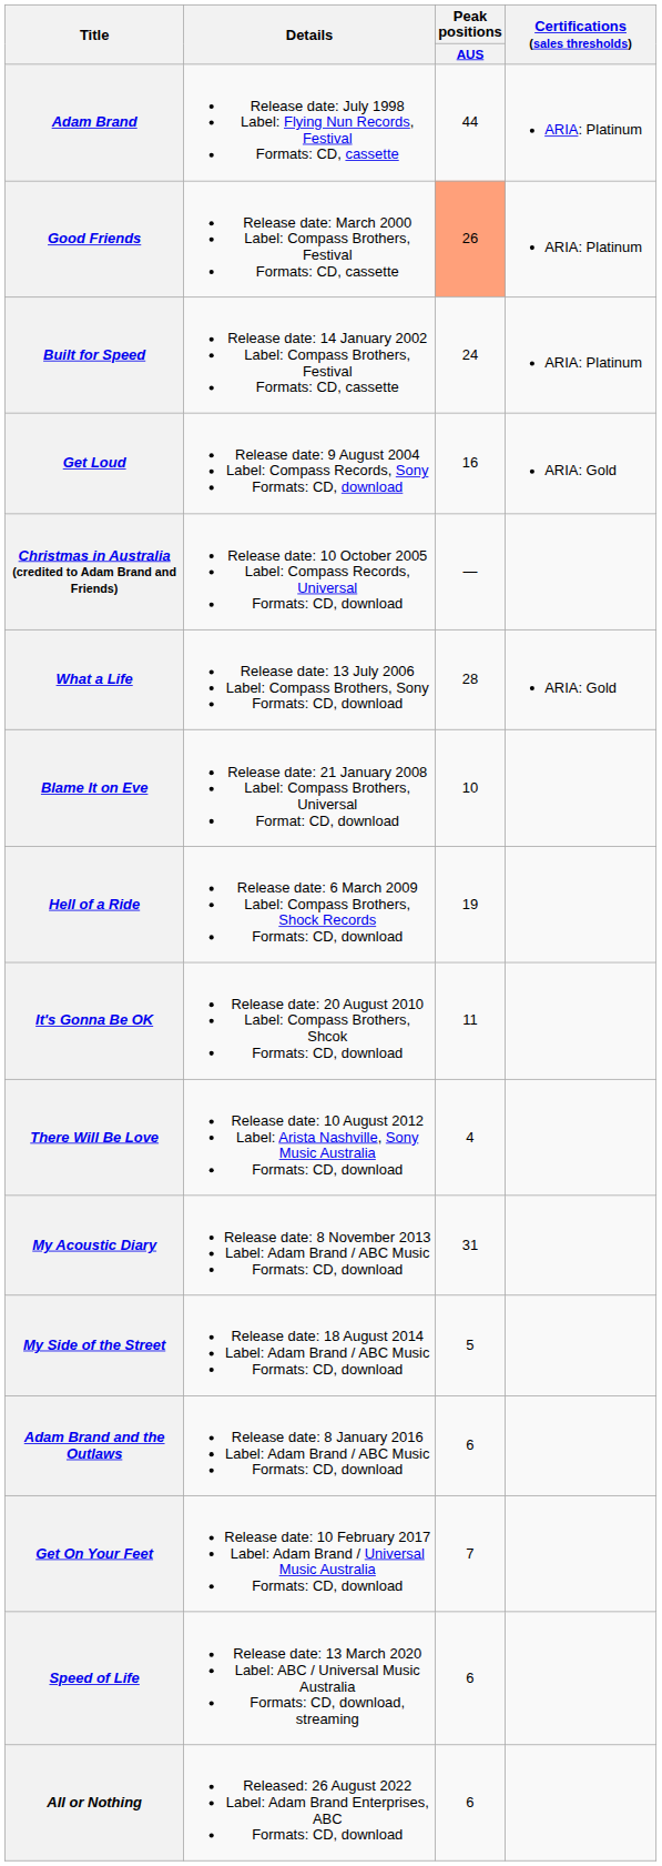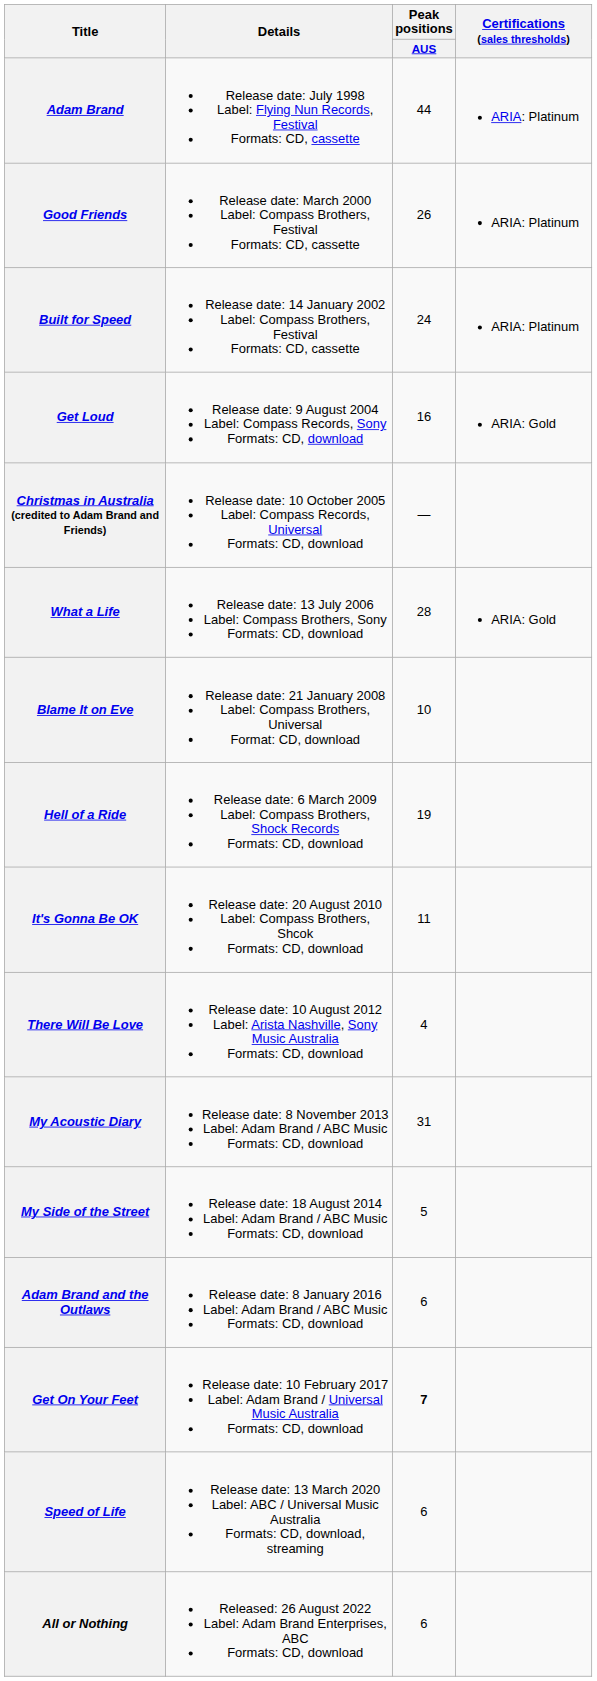 <table class="wikitable plainrowheaders" style="text-align:center;">
 <tr>
 <th rowspan="2" style="width:12em;">Title</th>
 <th rowspan="2" style="width:17em;">Details</th>
 <th colspan="1">Peak positions</th>
 <th rowspan="2" style="width:10em;"><a href='#'>Certifications</a><br><small>(<a href='#'>sales thresholds</a>)</small></th>
 </tr>
 <tr>
 <th scope="col" style="width:3em; font-size:90%"><a href='#'>AUS</a><br></th>
 </tr>
 <tr>
 <th scope="row"><em><a href='#'>Adam Brand</a></em></th>
 <td><br><ul><li>Release date: July 1998</li><li>Label: <a href='#'>Flying Nun Records</a>, <a href='#'>Festival</a></li><li>Formats: CD, <a href='#'>cassette</a></li></ul></td>
 <td>44</td>
 <td align="left"><br><ul><li><a href='#'>ARIA</a>: Platinum</li></ul></td>
 </tr>
 <tr>
 <th scope="row"><em><a href='#'>Good Friends</a></em></th>
 <td><br><ul><li>Release date: March 2000</li><li>Label: Compass Brothers, Festival</li><li>Formats: CD, cassette</li></ul></td>
-<td style="background: lightsalmon;">26</td>
+<td>26</td>
 <td align="left"><br><ul><li>ARIA: Platinum</li></ul></td>
 </tr>
 <tr>
 <th scope="row"><em><a href='#'>Built for Speed</a></em></th>
 <td><br><ul><li>Release date: 14 January 2002</li><li>Label: Compass Brothers, Festival</li><li>Formats: CD, cassette</li></ul></td>
 <td>24</td>
 <td align="left"><br><ul><li>ARIA: Platinum</li></ul></td>
 </tr>
 <tr>
 <th scope="row"><em><a href='#'>Get Loud</a></em></th>
 <td><br><ul><li>Release date: 9 August 2004</li><li>Label: Compass Records, <a href='#'>Sony</a></li><li>Formats: CD, <a href='#'>download</a></li></ul></td>
 <td>16</td>
 <td align="left"><br><ul><li>ARIA: Gold</li></ul></td>
 </tr>
 <tr>
 <th scope="row"><em><a href='#'>Christmas in Australia</a></em> <br> <small> (credited to Adam Brand and Friends) </small></th>
 <td><br><ul><li>Release date: 10 October 2005</li><li>Label: Compass Records, <a href='#'>Universal</a></li><li>Formats: CD, download</li></ul></td>
 <td>—</td>
 <td align="left"></td>
 </tr>
 <tr>
 <th scope="row"><em><a href='#'>What a Life</a></em></th>
 <td><br><ul><li>Release date: 13 July 2006</li><li>Label: Compass Brothers, Sony</li><li>Formats: CD, download</li></ul></td>
 <td>28</td>
 <td align="left"><br><ul><li>ARIA: Gold</li></ul></td>
 </tr>
 <tr>
 <th scope="row"><em><a href='#'>Blame It on Eve</a></em></th>
 <td><br><ul><li>Release date: 21 January 2008</li><li>Label: Compass Brothers, Universal</li><li>Format: CD, download</li></ul></td>
 <td>10</td>
 <td></td>
 </tr>
 <tr>
 <th scope="row"><em><a href='#'>Hell of a Ride</a></em></th>
 <td><br><ul><li>Release date: 6 March 2009</li><li>Label: Compass Brothers, <a href='#'>Shock Records</a></li><li>Formats: CD, download</li></ul></td>
 <td>19</td>
 <td></td>
 </tr>
 <tr>
 <th scope="row"><em><a href='#'>It's Gonna Be OK</a></em></th>
 <td><br><ul><li>Release date: 20 August 2010</li><li>Label: Compass Brothers, Shcok</li><li>Formats: CD, download</li></ul></td>
 <td>11</td>
 <td></td>
 </tr>
 <tr>
 <th scope="row"><em><a href='#'>There Will Be Love</a></em></th>
 <td><br><ul><li>Release date: 10 August 2012</li><li>Label: <a href='#'>Arista Nashville</a>, <a href='#'>Sony Music Australia</a></li><li>Formats: CD, download</li></ul></td>
 <td>4</td>
 <td></td>
 </tr>
 <tr>
 <th scope="row"><em><a href='#'>My Acoustic Diary</a></em></th>
 <td><br><ul><li>Release date: 8 November 2013</li><li>Label: Adam Brand / ABC Music</li><li>Formats: CD, download</li></ul></td>
 <td>31</td>
 <td></td>
 </tr>
 <tr>
 <th scope="row"><em><a href='#'>My Side of the Street</a></em></th>
 <td><br><ul><li>Release date: 18 August 2014</li><li>Label: Adam Brand / ABC Music</li><li>Formats: CD, download</li></ul></td>
 <td>5</td>
 <td></td>
 </tr>
 <tr>
 <th scope="row"><em><a href='#'>Adam Brand and the Outlaws</a></em><br></th>
 <td><br><ul><li>Release date: 8 January 2016</li><li>Label: Adam Brand / ABC Music</li><li>Formats: CD, download</li></ul></td>
 <td>6</td>
 <td></td>
 </tr>
 <tr>
 <th scope="row"><em><a href='#'>Get On Your Feet</a></em></th>
 <td><br><ul><li>Release date: 10 February 2017</li><li>Label: Adam Brand / <a href='#'>Universal Music Australia</a></li><li>Formats: CD, download</li></ul></td>
-<td>7</td>
+<td><strong>7</strong></td>
 <td></td>
 </tr>
 <tr>
 <th scope="row"><em><a href='#'>Speed of Life</a></em></th>
 <td><br><ul><li>Release date: 13 March 2020</li><li>Label: ABC / Universal Music Australia</li><li>Formats: CD, download, streaming</li></ul></td>
 <td>6</td>
 <td></td>
 </tr>
 <tr>
 <th scope="row"><em>All or Nothing</em></th>
 <td><br><ul><li>Released: 26 August 2022</li><li>Label: Adam Brand Enterprises, ABC</li><li>Formats: CD, download</li></ul></td>
 <td>6<br></td>
 <td></td>
 </tr>
 </table>
